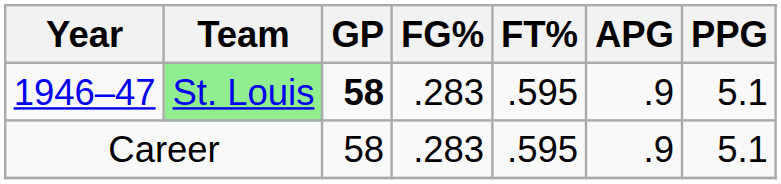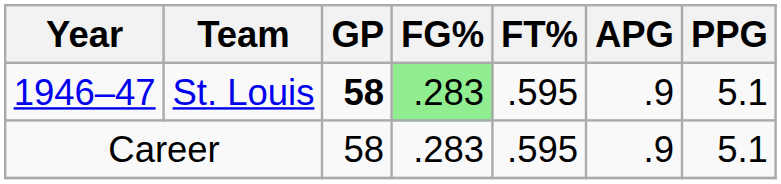 <table class="wikitable sortable" style="font-size:95%; text-align:right;">
 <tr>
 <th>Year</th>
 <th>Team</th>
 <th>GP</th>
 <th>FG%</th>
 <th>FT%</th>
 <th>APG</th>
 <th>PPG</th>
 </tr>
 <tr>
 <td style="text-align:left;"><a href='#'>1946–47</a></td>
-<td style="background: lightgreen; text-align:left;"><a href='#'>St. Louis</a></td>
+<td style="text-align:left;"><a href='#'>St. Louis</a></td>
 <td><strong>58</strong></td>
-<td>.283</td>
+<td style="background: lightgreen;">.283</td>
 <td>.595</td>
 <td>.9</td>
 <td>5.1</td>
 </tr>
 <tr>
 <td style="text-align:center;" colspan="2">Career</td>
 <td>58</td>
 <td>.283</td>
 <td>.595</td>
 <td>.9</td>
 <td>5.1</td>
 </tr>
 <tr>
 </tr>
 </table>
